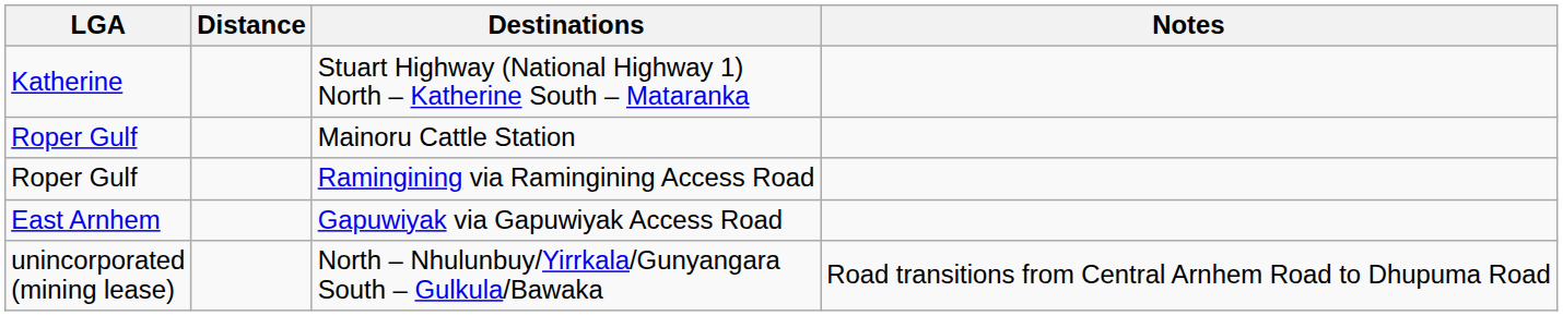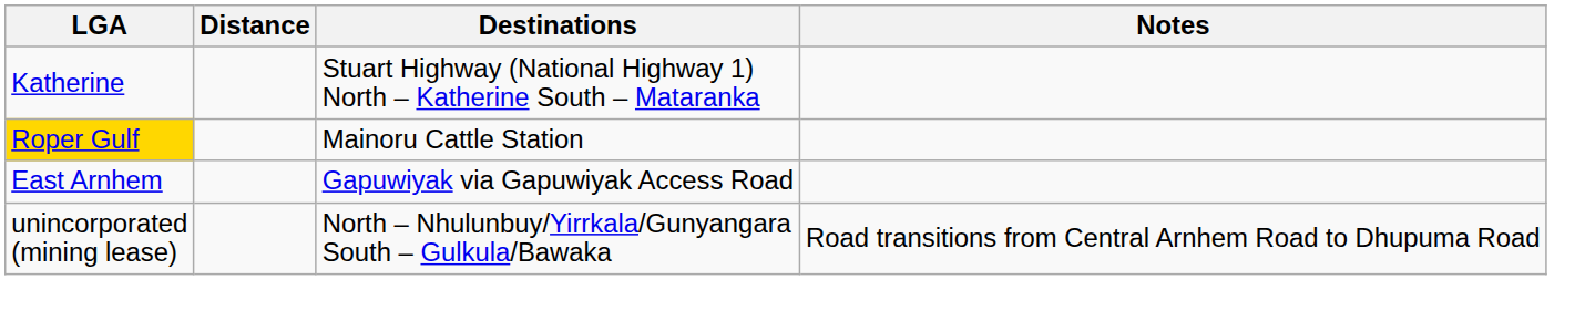 <table class="wikitable">
 <tr>
 <th>LGA</th>
 <th>Distance</th>
 <th>Destinations</th>
 <th>Notes</th>
 </tr>
 <tr>
 <td><a href='#'>Katherine</a></td>
 <td></td>
 <td>Stuart Highway (National Highway 1)<br>North – <a href='#'>Katherine</a> South – <a href='#'>Mataranka</a></td>
 <td></td>
 </tr>
 <tr>
-<td><a href='#'>Roper Gulf</a></td>
+<td style="background: gold;"><a href='#'>Roper Gulf</a></td>
 <td></td>
 <td>Mainoru Cattle Station</td>
-<td></td>
-</tr>
-<tr>
-<td>Roper Gulf</td>
-<td></td>
-<td><a href='#'>Ramingining</a> via Ramingining Access Road</td>
 <td></td>
 </tr>
 <tr>
 <td><a href='#'>East Arnhem</a></td>
 <td></td>
 <td><a href='#'>Gapuwiyak</a> via Gapuwiyak Access Road</td>
 <td></td>
 </tr>
 <tr>
 <td>unincorporated<br>(mining lease)</td>
 <td></td>
 <td>North – Nhulunbuy/<a href='#'>Yirrkala</a>/Gunyangara<br>South – <a href='#'>Gulkula</a>/Bawaka</td>
 <td>Road transitions from Central Arnhem Road to Dhupuma Road</td>
 </tr>
 </table>
